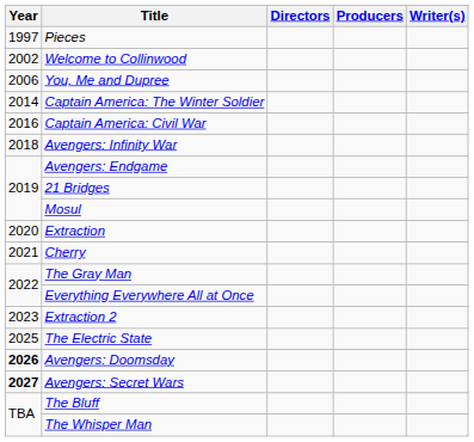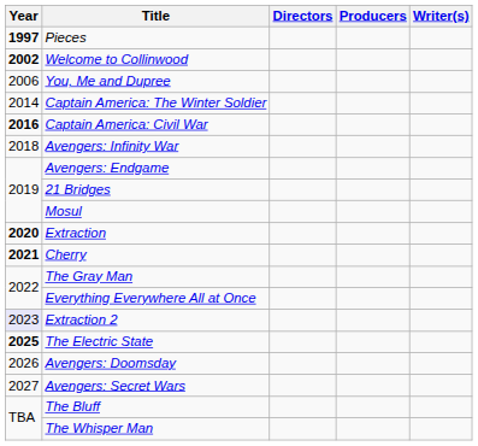 <table class="wikitable">
 <tr>
 <th>Year</th>
 <th>Title</th>
 <th><a href='#'>Directors</a></th>
 <th><a href='#'>Producers</a></th>
 <th><a href='#'>Writer(s)</a></th>
 </tr>
 <tr>
-<td>1997</td>
+<td><strong>1997</strong></td>
 <td><em>Pieces</em></td>
 <td></td>
 <td></td>
 <td></td>
 </tr>
 <tr>
-<td>2002</td>
+<td><strong>2002</strong></td>
 <td><em><a href='#'>Welcome to Collinwood</a></em></td>
 <td></td>
 <td></td>
 <td></td>
 </tr>
 <tr>
 <td>2006</td>
 <td><em><a href='#'>You, Me and Dupree</a></em></td>
 <td></td>
 <td></td>
 <td></td>
 </tr>
 <tr>
 <td rowspan="1">2014</td>
 <td><em><a href='#'>Captain America: The Winter Soldier</a></em></td>
 <td></td>
 <td></td>
 <td></td>
 </tr>
 <tr>
-<td>2016</td>
+<td><strong>2016</strong></td>
 <td><em><a href='#'>Captain America: Civil War</a></em></td>
 <td></td>
 <td></td>
 <td></td>
 </tr>
 <tr>
 <td rowspan="1">2018</td>
 <td><em><a href='#'>Avengers: Infinity War</a></em></td>
 <td></td>
 <td></td>
 <td></td>
 </tr>
 <tr>
 <td rowspan="3">2019</td>
 <td><em><a href='#'>Avengers: Endgame</a></em></td>
 <td></td>
 <td></td>
 <td></td>
 </tr>
 <tr>
 <td><em><a href='#'>21 Bridges</a></em></td>
 <td></td>
 <td></td>
 <td></td>
 </tr>
 <tr>
 <td><em><a href='#'>Mosul</a></em></td>
 <td></td>
 <td></td>
 <td></td>
 </tr>
 <tr>
-<td rowspan="1">2020</td>
+<td rowspan="1"><strong>2020</strong></td>
 <td><em><a href='#'>Extraction</a></em></td>
 <td></td>
 <td></td>
 <td></td>
 </tr>
 <tr>
-<td>2021</td>
+<td><strong>2021</strong></td>
 <td><em><a href='#'>Cherry</a></em></td>
 <td></td>
 <td></td>
 <td></td>
 </tr>
 <tr>
 <td rowspan="2">2022</td>
 <td><em><a href='#'>The Gray Man</a></em></td>
 <td></td>
 <td></td>
 <td></td>
 </tr>
 <tr>
 <td><em><a href='#'>Everything Everywhere All at Once</a></em></td>
 <td></td>
 <td></td>
 <td></td>
 </tr>
 <tr>
-<td rowspan="1">2023</td>
+<td rowspan="1" style="background: lavender;">2023</td>
 <td><em><a href='#'>Extraction 2</a></em></td>
 <td></td>
 <td></td>
 <td></td>
 </tr>
 <tr>
-<td>2025</td>
+<td><strong>2025</strong></td>
 <td><em><a href='#'>The Electric State</a></em></td>
 <td></td>
 <td></td>
 <td></td>
 </tr>
 <tr>
-<td><strong>2026</strong></td>
+<td>2026</td>
 <td><em><a href='#'>Avengers: Doomsday</a></em></td>
 <td></td>
 <td></td>
 <td></td>
 </tr>
 <tr>
-<td><strong>2027</strong></td>
+<td>2027</td>
 <td><em><a href='#'>Avengers: Secret Wars</a></em></td>
 <td></td>
 <td></td>
 <td></td>
 </tr>
 <tr>
 <td rowspan="2">TBA</td>
 <td><em><a href='#'>The Bluff</a></em></td>
 <td></td>
 <td></td>
 <td></td>
 </tr>
 <tr>
 <td><em><a href='#'>The Whisper Man</a></em></td>
 <td></td>
 <td></td>
 <td></td>
 </tr>
 </table>
